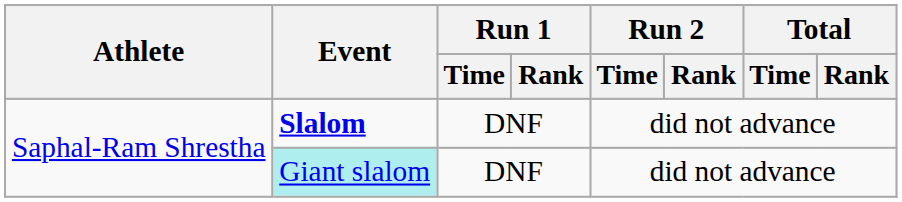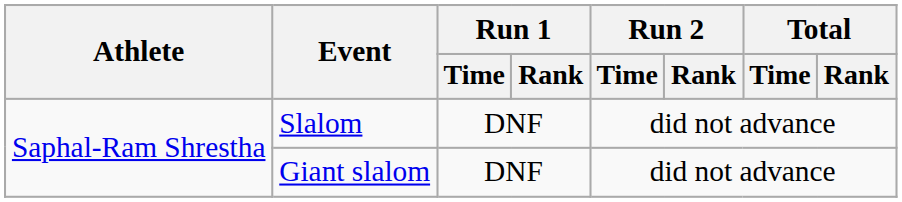 <table class="wikitable" style="font-size:90%">
 <tr>
 <th rowspan=2>Athlete</th>
 <th rowspan=2>Event</th>
 <th colspan=2>Run 1</th>
 <th colspan=2>Run 2</th>
 <th colspan=2>Total</th>
 </tr>
 <tr style="font-size:95%">
 <th>Time</th>
 <th>Rank</th>
 <th>Time</th>
 <th>Rank</th>
 <th>Time</th>
 <th>Rank</th>
 </tr>
 <tr align=center>
 <td align="left" rowspan="2"><a href='#'>Saphal-Ram Shrestha</a></td>
-<td align="left"><strong><a href='#'>Slalom</a></strong></td>
+<td align="left"><a href='#'>Slalom</a></td>
 <td colspan=2>DNF</td>
 <td colspan=4>did not advance</td>
 </tr>
 <tr align=center>
-<td align="left" style="background: paleturquoise;"><a href='#'>Giant slalom</a></td>
+<td align="left"><a href='#'>Giant slalom</a></td>
 <td colspan=2>DNF</td>
 <td colspan=4>did not advance</td>
 </tr>
 </table>
